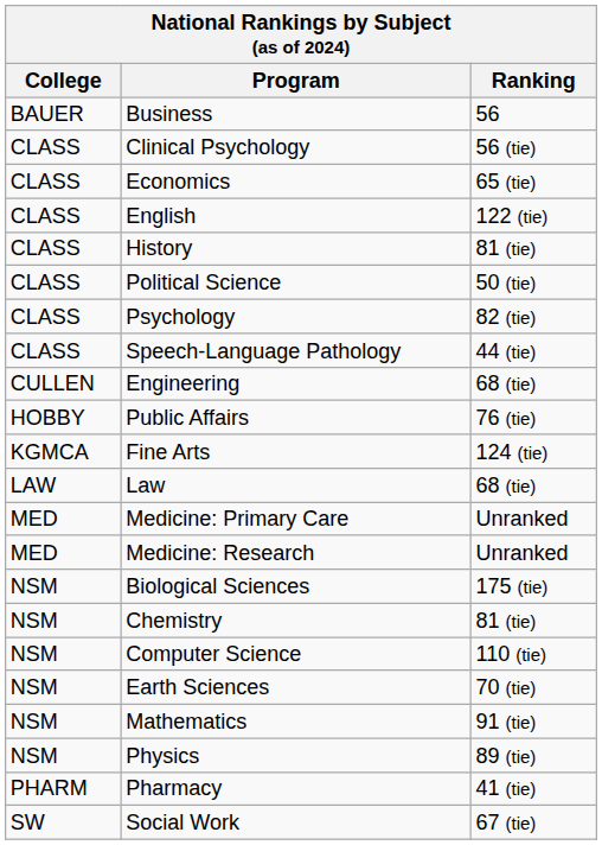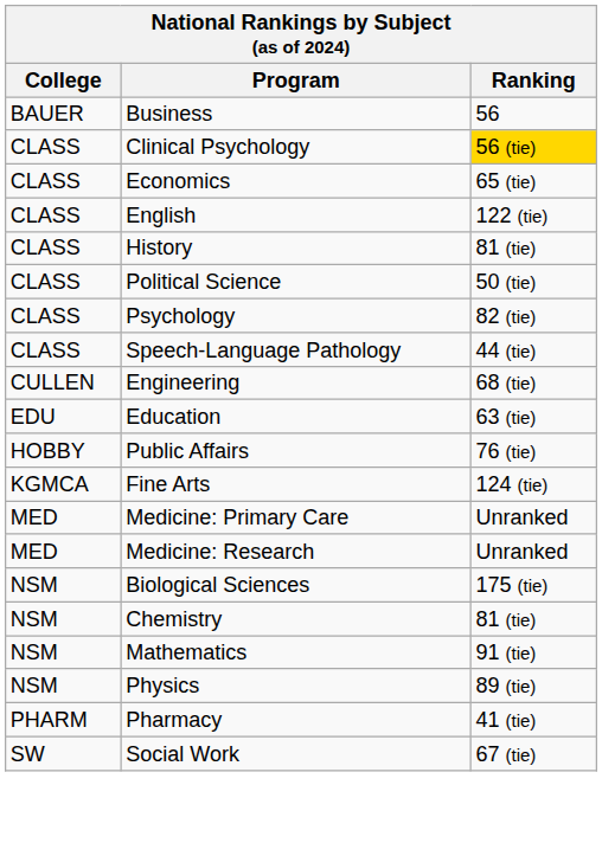 <table class="wikitable collapsible collapsed" style="font-size: 90%;width:400px; text-align:left">
 <tr>
 <th colspan=3>National Rankings by Subject<br><small>(as of 2024)</small></th>
 </tr>
 <tr>
 <th>College</th>
 <th>Program</th>
 <th>Ranking</th>
 </tr>
 <tr>
 <td>BAUER</td>
 <td>Business</td>
 <td>56</td>
 </tr>
 <tr>
 <td>CLASS</td>
 <td>Clinical Psychology</td>
-<td>56 <small>(tie)</small></td>
+<td style="background: gold;">56 <small>(tie)</small></td>
 </tr>
 <tr>
 <td>CLASS</td>
 <td>Economics</td>
 <td>65 <small>(tie)</small></td>
 </tr>
 <tr>
 <td>CLASS</td>
 <td>English</td>
 <td>122 <small>(tie)</small></td>
 </tr>
 <tr>
 <td>CLASS</td>
 <td>History</td>
 <td>81 <small>(tie)</small></td>
 </tr>
 <tr>
 <td>CLASS</td>
 <td>Political Science</td>
 <td>50 <small>(tie)</small></td>
 </tr>
 <tr>
 <td>CLASS</td>
 <td>Psychology</td>
 <td>82 <small>(tie)</small></td>
 </tr>
 <tr>
 <td>CLASS</td>
 <td>Speech-Language Pathology</td>
 <td>44 <small>(tie)</small></td>
 </tr>
 <tr>
 <td>CULLEN</td>
 <td>Engineering</td>
 <td>68 <small>(tie)</small></td>
 </tr>
 <tr>
+<td>EDU</td>
+<td>Education</td>
+<td>63 <small>(tie)</small></td>
+</tr>
+<tr>
 <td>HOBBY</td>
 <td>Public Affairs</td>
 <td>76 <small>(tie)</small></td>
 </tr>
 <tr>
 <td>KGMCA</td>
 <td>Fine Arts</td>
 <td>124 <small>(tie)</small></td>
-</tr>
-<tr>
-<td>LAW</td>
-<td>Law</td>
-<td>68 <small>(tie)</small></td>
 </tr>
 <tr>
 <td>MED</td>
 <td>Medicine: Primary Care</td>
 <td>Unranked</td>
 </tr>
 <tr>
 <td>MED</td>
 <td>Medicine: Research</td>
 <td>Unranked</td>
 </tr>
 <tr>
 <td>NSM</td>
 <td>Biological Sciences</td>
 <td>175 <small>(tie)</small></td>
 </tr>
 <tr>
 <td>NSM</td>
 <td>Chemistry</td>
 <td>81 <small>(tie)</small></td>
 </tr>
 <tr>
 <td>NSM</td>
-<td>Computer Science</td>
-<td>110 <small>(tie)</small></td>
-</tr>
-<tr>
-<td>NSM</td>
-<td>Earth Sciences</td>
-<td>70 <small>(tie)</small></td>
-</tr>
-<tr>
-<td>NSM</td>
 <td>Mathematics</td>
 <td>91 <small>(tie)</small></td>
 </tr>
 <tr>
 <td>NSM</td>
 <td>Physics</td>
 <td>89 <small>(tie)</small></td>
 </tr>
 <tr>
 <td>PHARM</td>
 <td>Pharmacy</td>
 <td>41 <small>(tie)</small></td>
 </tr>
 <tr>
 <td>SW</td>
 <td>Social Work</td>
 <td>67 <small>(tie)</small></td>
 </tr>
 </table>
